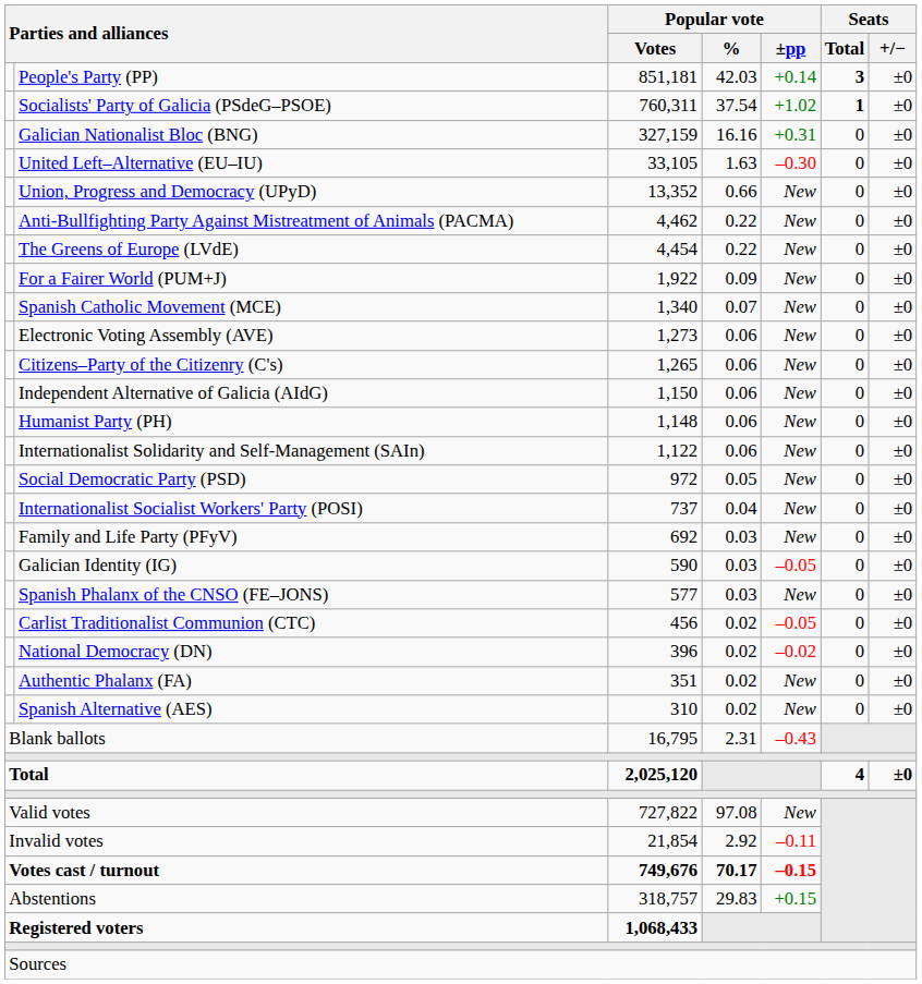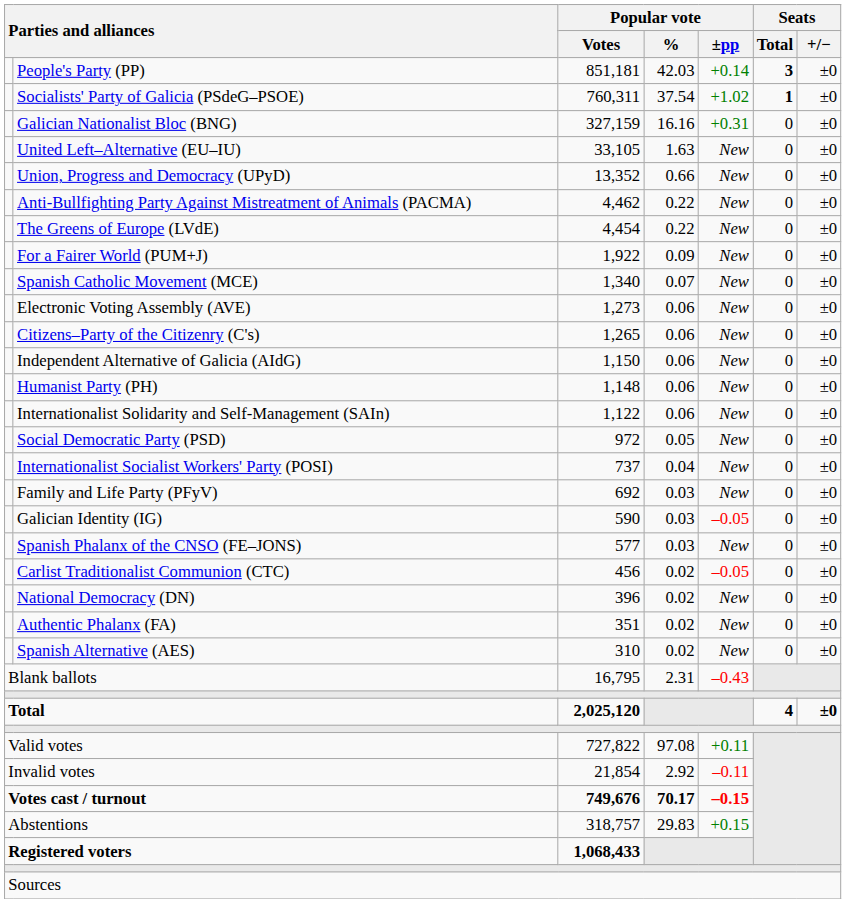 <table class="wikitable" style="text-align:right;">
 <tr>
 <th style="text-align:left;" rowspan="2" colspan="2" width="525">Parties and alliances</th>
 <th colspan="3">Popular vote</th>
 <th colspan="2">Seats</th>
 </tr>
 <tr>
 <th width="75">Votes</th>
 <th width="45">%</th>
 <th width="45">±<a href='#'>pp</a></th>
 <th width="35">Total</th>
 <th width="35">+/−</th>
 </tr>
 <tr>
 <td width="1" style="color:inherit;background:"></td>
 <td align="left"><a href='#'>People's Party</a> (PP)</td>
 <td>851,181</td>
 <td>42.03</td>
 <td style="color:green;">+0.14</td>
 <td><strong>3</strong></td>
 <td>±0</td>
 </tr>
 <tr>
 <td style="color:inherit;background:"></td>
 <td align="left"><a href='#'>Socialists' Party of Galicia</a> (PSdeG–PSOE)</td>
 <td>760,311</td>
 <td>37.54</td>
 <td style="color:green;">+1.02</td>
 <td><strong>1</strong></td>
 <td>±0</td>
 </tr>
 <tr>
 <td style="color:inherit;background:"></td>
 <td align="left"><a href='#'>Galician Nationalist Bloc</a> (BNG)</td>
 <td>327,159</td>
 <td>16.16</td>
 <td style="color:green;">+0.31</td>
 <td>0</td>
 <td>±0</td>
 </tr>
 <tr>
 <td style="color:inherit;background:"></td>
 <td align="left"><a href='#'>United Left–Alternative</a> (EU–IU)</td>
 <td>33,105</td>
 <td>1.63</td>
-<td style="color:red;">–0.30</td>
+<td><em>New</em></td>
 <td>0</td>
 <td>±0</td>
 </tr>
 <tr>
 <td style="color:inherit;background:"></td>
 <td align="left"><a href='#'>Union, Progress and Democracy</a> (UPyD)</td>
 <td>13,352</td>
 <td>0.66</td>
 <td><em>New</em></td>
 <td>0</td>
 <td>±0</td>
 </tr>
 <tr>
 <td style="color:inherit;background:"></td>
 <td align="left"><a href='#'>Anti-Bullfighting Party Against Mistreatment of Animals</a> (PACMA)</td>
 <td>4,462</td>
 <td>0.22</td>
 <td><em>New</em></td>
 <td>0</td>
 <td>±0</td>
 </tr>
 <tr>
 <td style="color:inherit;background:"></td>
 <td align="left"><a href='#'>The Greens of Europe</a> (LVdE)</td>
 <td>4,454</td>
 <td>0.22</td>
 <td><em>New</em></td>
 <td>0</td>
 <td>±0</td>
 </tr>
 <tr>
 <td style="color:inherit;background:"></td>
 <td align="left"><a href='#'>For a Fairer World</a> (PUM+J)</td>
 <td>1,922</td>
 <td>0.09</td>
 <td><em>New</em></td>
 <td>0</td>
 <td>±0</td>
 </tr>
 <tr>
 <td style="color:inherit;background:"></td>
 <td align="left"><a href='#'>Spanish Catholic Movement</a> (MCE)</td>
 <td>1,340</td>
 <td>0.07</td>
 <td><em>New</em></td>
 <td>0</td>
 <td>±0</td>
 </tr>
 <tr>
 <td style="color:inherit;background:"></td>
 <td align="left">Electronic Voting Assembly (AVE)</td>
 <td>1,273</td>
 <td>0.06</td>
 <td><em>New</em></td>
 <td>0</td>
 <td>±0</td>
 </tr>
 <tr>
 <td style="color:inherit;background:"></td>
 <td align="left"><a href='#'>Citizens–Party of the Citizenry</a> (C's)</td>
 <td>1,265</td>
 <td>0.06</td>
 <td><em>New</em></td>
 <td>0</td>
 <td>±0</td>
 </tr>
 <tr>
 <td style="color:inherit;background:"></td>
 <td align="left">Independent Alternative of Galicia (AIdG)</td>
 <td>1,150</td>
 <td>0.06</td>
 <td><em>New</em></td>
 <td>0</td>
 <td>±0</td>
 </tr>
 <tr>
 <td style="color:inherit;background:"></td>
 <td align="left"><a href='#'>Humanist Party</a> (PH)</td>
 <td>1,148</td>
 <td>0.06</td>
 <td><em>New</em></td>
 <td>0</td>
 <td>±0</td>
 </tr>
 <tr>
 <td style="color:inherit;background:"></td>
 <td align="left">Internationalist Solidarity and Self-Management (SAIn)</td>
 <td>1,122</td>
 <td>0.06</td>
 <td><em>New</em></td>
 <td>0</td>
 <td>±0</td>
 </tr>
 <tr>
 <td style="color:inherit;background:"></td>
 <td align="left"><a href='#'>Social Democratic Party</a> (PSD)</td>
 <td>972</td>
 <td>0.05</td>
 <td><em>New</em></td>
 <td>0</td>
 <td>±0</td>
 </tr>
 <tr>
 <td style="color:inherit;background:"></td>
 <td align="left"><a href='#'>Internationalist Socialist Workers' Party</a> (POSI)</td>
 <td>737</td>
 <td>0.04</td>
 <td><em>New</em></td>
 <td>0</td>
 <td>±0</td>
 </tr>
 <tr>
 <td style="color:inherit;background:"></td>
 <td align="left">Family and Life Party (PFyV)</td>
 <td>692</td>
 <td>0.03</td>
 <td><em>New</em></td>
 <td>0</td>
 <td>±0</td>
 </tr>
 <tr>
 <td style="color:inherit;background:"></td>
 <td align="left">Galician Identity (IG)</td>
 <td>590</td>
 <td>0.03</td>
 <td style="color:red;">–0.05</td>
 <td>0</td>
 <td>±0</td>
 </tr>
 <tr>
 <td style="color:inherit;background:"></td>
 <td align="left"><a href='#'>Spanish Phalanx of the CNSO</a> (FE–JONS)</td>
 <td>577</td>
 <td>0.03</td>
 <td><em>New</em></td>
 <td>0</td>
 <td>±0</td>
 </tr>
 <tr>
 <td style="color:inherit;background:"></td>
 <td align="left"><a href='#'>Carlist Traditionalist Communion</a> (CTC)</td>
 <td>456</td>
 <td>0.02</td>
 <td style="color:red;">–0.05</td>
 <td>0</td>
 <td>±0</td>
 </tr>
 <tr>
 <td style="color:inherit;background:"></td>
 <td align="left"><a href='#'>National Democracy</a> (DN)</td>
 <td>396</td>
 <td>0.02</td>
-<td style="color:red;">–0.02</td>
+<td><em>New</em></td>
 <td>0</td>
 <td>±0</td>
 </tr>
 <tr>
 <td style="color:inherit;background:"></td>
 <td align="left"><a href='#'>Authentic Phalanx</a> (FA)</td>
 <td>351</td>
 <td>0.02</td>
 <td><em>New</em></td>
 <td>0</td>
 <td>±0</td>
 </tr>
 <tr>
 <td style="color:inherit;background:"></td>
 <td align="left"><a href='#'>Spanish Alternative</a> (AES)</td>
 <td>310</td>
 <td>0.02</td>
 <td><em>New</em></td>
 <td>0</td>
 <td>±0</td>
 </tr>
 <tr>
 <td align="left" colspan="2">Blank ballots</td>
 <td>16,795</td>
 <td>2.31</td>
 <td style="color:red;">–0.43</td>
 <td bgcolor="#E9E9E9" colspan="2"></td>
 </tr>
 <tr>
 <td colspan="7" bgcolor="#E9E9E9"></td>
 </tr>
 <tr style="font-weight:bold;">
 <td align="left" colspan="2">Total</td>
 <td>2,025,120</td>
 <td bgcolor="#E9E9E9" colspan="2"></td>
 <td>4</td>
 <td>±0</td>
 </tr>
 <tr>
 <td colspan="7" bgcolor="#E9E9E9"></td>
 </tr>
 <tr>
 <td align="left" colspan="2">Valid votes</td>
 <td>727,822</td>
 <td>97.08</td>
-<td><em>New</em></td>
+<td style="color:green;">+0.11</td>
 <td bgcolor="#E9E9E9" colspan="2" rowspan="5"></td>
 </tr>
 <tr>
 <td align="left" colspan="2">Invalid votes</td>
 <td>21,854</td>
 <td>2.92</td>
 <td style="color:red;">–0.11</td>
 </tr>
 <tr style="font-weight:bold;">
 <td align="left" colspan="2">Votes cast / turnout</td>
 <td>749,676</td>
 <td>70.17</td>
 <td style="color:red;">–0.15</td>
 </tr>
 <tr>
 <td align="left" colspan="2">Abstentions</td>
 <td>318,757</td>
 <td>29.83</td>
 <td style="color:green;">+0.15</td>
 </tr>
 <tr style="font-weight:bold;">
 <td align="left" colspan="2">Registered voters</td>
 <td>1,068,433</td>
 <td bgcolor="#E9E9E9" colspan="2"></td>
 </tr>
 <tr>
 <td colspan="7" bgcolor="#E9E9E9"></td>
 </tr>
 <tr>
 <td align="left" colspan="7">Sources</td>
 </tr>
 </table>
